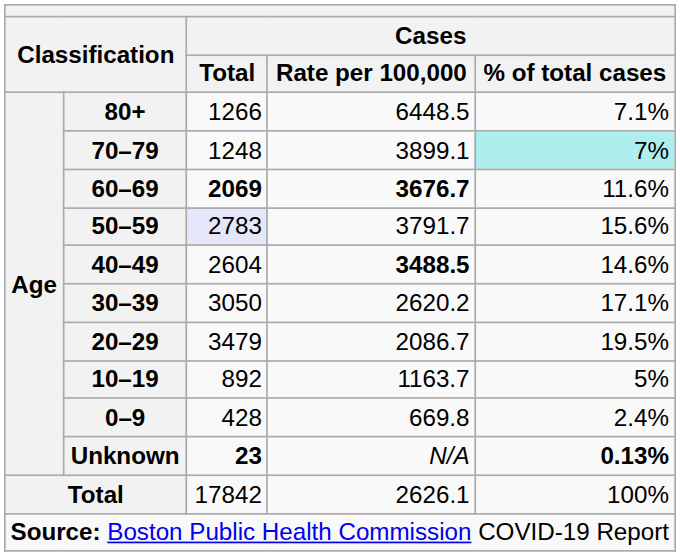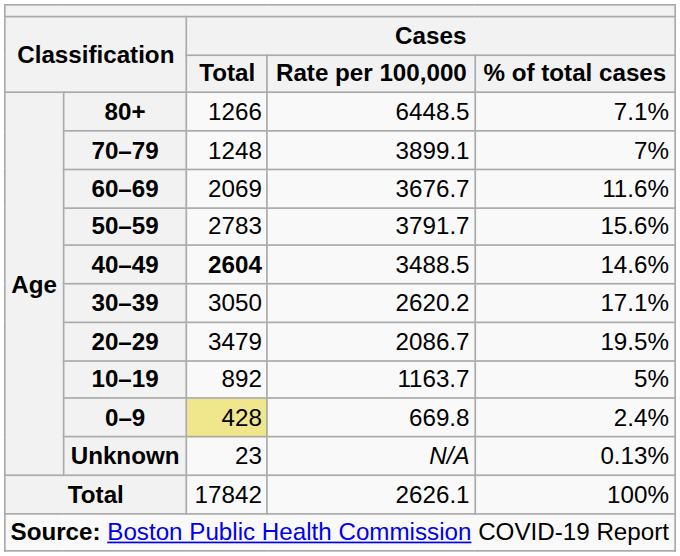 <table class="wikitable sortable" style="text-align:right; font-size:90%">
 <tr>
 <th colspan="5"></th>
 </tr>
 <tr>
 <th rowspan="2" colspan="2" class="unsortable">Classification</th>
 <th colspan="3">Cases</th>
 </tr>
 <tr>
 <th>Total</th>
 <th>Rate per 100,000</th>
 <th>% of total cases</th>
 </tr>
 <tr>
 <th rowspan="10">Age</th>
 <th>80+</th>
 <td>1266</td>
 <td>6448.5</td>
 <td>7.1%</td>
 </tr>
 <tr>
 <th>70–79</th>
 <td>1248</td>
 <td>3899.1</td>
-<td style="background: paleturquoise;">7%</td>
+<td>7%</td>
 </tr>
 <tr>
 <th>60–69</th>
-<td><strong>2069</strong></td>
-<td><strong>3676.7</strong></td>
+<td>2069</td>
+<td>3676.7</td>
 <td>11.6%</td>
 </tr>
 <tr>
 <th>50–59</th>
-<td style="background: lavender;">2783</td>
+<td>2783</td>
 <td>3791.7</td>
 <td>15.6%</td>
 </tr>
 <tr>
 <th>40–49</th>
-<td>2604</td>
-<td><strong>3488.5</strong></td>
+<td><strong>2604</strong></td>
+<td>3488.5</td>
 <td>14.6%</td>
 </tr>
 <tr>
 <th>30–39</th>
 <td>3050</td>
 <td>2620.2</td>
 <td>17.1%</td>
 </tr>
 <tr>
 <th>20–29</th>
 <td>3479</td>
 <td>2086.7</td>
 <td>19.5%</td>
 </tr>
 <tr>
 <th>10–19</th>
 <td>892</td>
 <td>1163.7</td>
 <td>5%</td>
 </tr>
 <tr>
 <th>0–9</th>
-<td>428</td>
+<td style="background: khaki;">428</td>
 <td>669.8</td>
 <td>2.4%</td>
 </tr>
 <tr>
 <th>Unknown</th>
-<td><strong>23</strong></td>
+<td>23</td>
 <td><em>N/A</em></td>
-<td><strong>0.13%</strong></td>
+<td>0.13%</td>
 </tr>
 <tr>
 <th colspan="2">Total</th>
 <td>17842</td>
 <td>2626.1</td>
 <td>100%</td>
 </tr>
 <tr>
 <td colspan="5" style="text-align:left;"><strong>Source:</strong> <a href='#'>Boston Public Health Commission</a> COVID-19 Report</td>
 </tr>
 </table>
